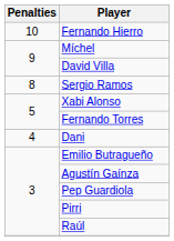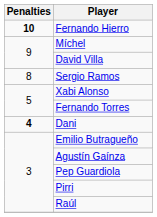 <table class="wikitable sortable" style="text-align:center;">
 <tr>
 <th width=50px>Penalties</th>
 <th style="width:150px;">Player</th>
 </tr>
 <tr>
-<td>10</td>
+<td><strong>10</strong></td>
 <td style="text-align:left;"><a href='#'>Fernando Hierro</a></td>
 </tr>
 <tr>
 <td rowspan=2>9</td>
 <td style="text-align:left;"><a href='#'>Míchel</a></td>
 </tr>
 <tr>
 <td style="text-align:left;"><a href='#'>David Villa</a></td>
 </tr>
 <tr>
 <td>8</td>
 <td style="text-align:left;"><a href='#'>Sergio Ramos</a></td>
 </tr>
 <tr>
 <td rowspan=2>5</td>
 <td style="text-align:left;"><a href='#'>Xabi Alonso</a></td>
 </tr>
 <tr>
 <td style="text-align:left;"><a href='#'>Fernando Torres</a></td>
 </tr>
 <tr>
-<td>4</td>
+<td><strong>4</strong></td>
 <td style="text-align:left;"><a href='#'>Dani</a></td>
 </tr>
 <tr>
 <td rowspan=5>3</td>
 <td style="text-align:left;"><a href='#'>Emilio Butragueño</a></td>
 </tr>
 <tr>
 <td style="text-align:left;"><a href='#'>Agustín Gaínza</a></td>
 </tr>
 <tr>
 <td style="text-align:left;"><a href='#'>Pep Guardiola</a></td>
 </tr>
 <tr>
 <td style="text-align:left;"><a href='#'>Pirri</a></td>
 </tr>
 <tr>
 <td style="text-align:left;"><a href='#'>Raúl</a></td>
 </tr>
 <tr>
 </tr>
 </table>
